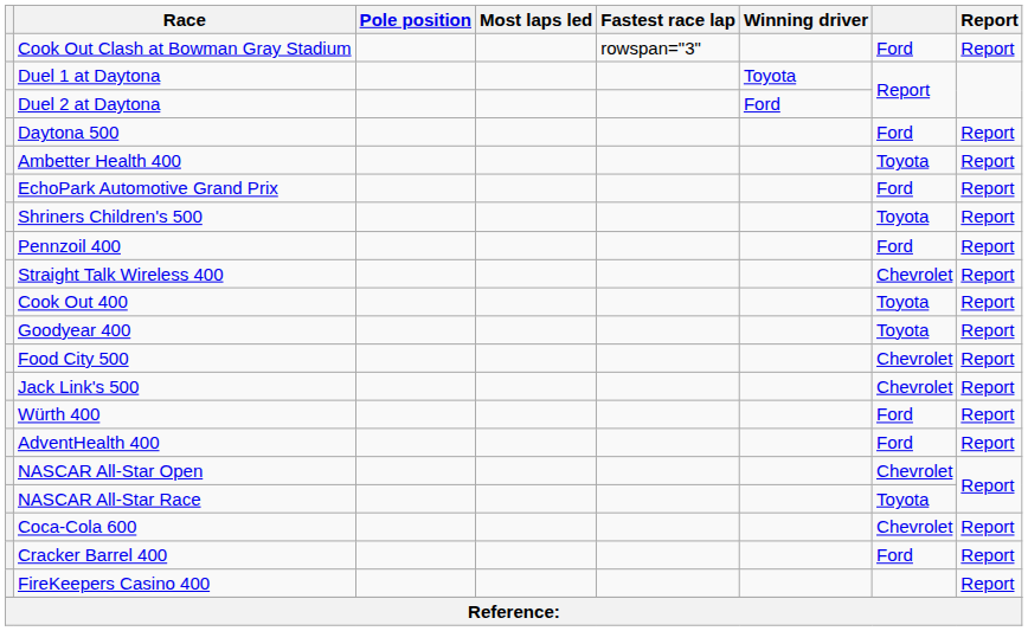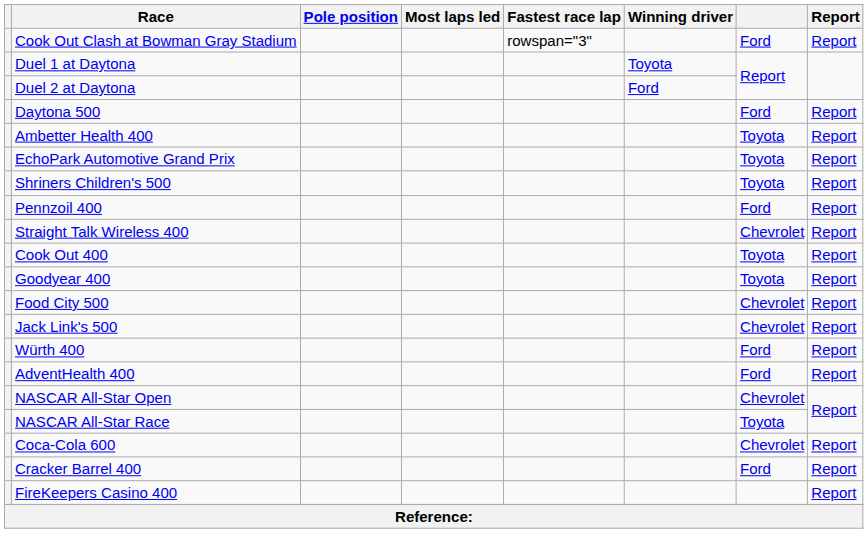 <table class="wikitable sortable" style="font-size:95%">
 <tr>
 <th></th>
 <th>Race</th>
 <th><a href='#'>Pole position</a></th>
 <th>Most laps led</th>
 <th>Fastest race lap</th>
 <th>Winning driver</th>
 <th></th>
 <th class="unsortable">Report</th>
 </tr>
 <tr>
 <th></th>
 <td><a href='#'>Cook Out Clash at Bowman Gray Stadium</a></td>
 <td></td>
 <td></td>
 <td>rowspan="3" </td>
 <td></td>
 <td><a href='#'>Ford</a></td>
 <td><a href='#'>Report</a></td>
 </tr>
 <tr>
 <th></th>
 <td><a href='#'>Duel 1 at Daytona</a></td>
 <td></td>
 <td></td>
 <td></td>
 <td><a href='#'>Toyota</a></td>
 <td rowspan="2"><a href='#'>Report</a></td>
 </tr>
 <tr>
 <th></th>
 <td><a href='#'>Duel 2 at Daytona</a></td>
 <td></td>
 <td></td>
 <td></td>
 <td><a href='#'>Ford</a></td>
 </tr>
 <tr>
 <th></th>
 <td><a href='#'>Daytona 500</a></td>
 <td></td>
 <td></td>
 <td></td>
 <td></td>
 <td><a href='#'>Ford</a></td>
 <td><a href='#'>Report</a></td>
 </tr>
 <tr>
 <th></th>
 <td><a href='#'>Ambetter Health 400</a></td>
 <td></td>
 <td></td>
 <td></td>
 <td></td>
 <td><a href='#'>Toyota</a></td>
 <td><a href='#'>Report</a></td>
 </tr>
 <tr>
 <th></th>
 <td><a href='#'>EchoPark Automotive Grand Prix</a></td>
 <td></td>
 <td></td>
 <td></td>
 <td></td>
-<td><a href='#'>Ford</a></td>
+<td><a href='#'>Toyota</a></td>
 <td><a href='#'>Report</a></td>
 </tr>
 <tr>
 <th></th>
 <td><a href='#'>Shriners Children's 500</a></td>
 <td></td>
 <td></td>
 <td></td>
 <td></td>
 <td><a href='#'>Toyota</a></td>
 <td><a href='#'>Report</a></td>
 </tr>
 <tr>
 <th></th>
 <td><a href='#'>Pennzoil 400</a></td>
 <td></td>
 <td></td>
 <td></td>
 <td></td>
 <td><a href='#'>Ford</a></td>
 <td><a href='#'>Report</a></td>
 </tr>
 <tr>
 <th></th>
 <td><a href='#'>Straight Talk Wireless 400</a></td>
 <td></td>
 <td></td>
 <td></td>
 <td></td>
 <td><a href='#'>Chevrolet</a></td>
 <td><a href='#'>Report</a></td>
 </tr>
 <tr>
 <th></th>
 <td><a href='#'>Cook Out 400</a></td>
 <td></td>
 <td></td>
 <td></td>
 <td></td>
 <td><a href='#'>Toyota</a></td>
 <td><a href='#'>Report</a></td>
 </tr>
 <tr>
 <th></th>
 <td><a href='#'>Goodyear 400</a></td>
 <td></td>
 <td></td>
 <td></td>
 <td></td>
 <td><a href='#'>Toyota</a></td>
 <td><a href='#'>Report</a></td>
 </tr>
 <tr>
 <th></th>
 <td><a href='#'>Food City 500</a></td>
 <td></td>
 <td></td>
 <td></td>
 <td></td>
 <td><a href='#'>Chevrolet</a></td>
 <td><a href='#'>Report</a></td>
 </tr>
 <tr>
 <th></th>
 <td><a href='#'>Jack Link's 500</a></td>
 <td></td>
 <td></td>
 <td></td>
 <td></td>
 <td><a href='#'>Chevrolet</a></td>
 <td><a href='#'>Report</a></td>
 </tr>
 <tr>
 <th></th>
 <td><a href='#'>Würth 400</a></td>
 <td></td>
 <td></td>
 <td></td>
 <td></td>
 <td><a href='#'>Ford</a></td>
 <td><a href='#'>Report</a></td>
 </tr>
 <tr>
 <th></th>
 <td><a href='#'>AdventHealth 400</a></td>
 <td></td>
 <td></td>
 <td></td>
 <td></td>
 <td><a href='#'>Ford</a></td>
 <td><a href='#'>Report</a></td>
 </tr>
 <tr>
 <th></th>
 <td><a href='#'>NASCAR All-Star Open</a></td>
 <td></td>
 <td></td>
 <td></td>
 <td></td>
 <td><a href='#'>Chevrolet</a></td>
 <td rowspan="2"><a href='#'>Report</a></td>
 </tr>
 <tr>
 <th></th>
 <td><a href='#'>NASCAR All-Star Race</a></td>
 <td></td>
 <td></td>
 <td></td>
 <td></td>
 <td><a href='#'>Toyota</a></td>
 </tr>
 <tr>
 <th></th>
 <td><a href='#'>Coca-Cola 600</a></td>
 <td></td>
 <td></td>
 <td></td>
 <td></td>
 <td><a href='#'>Chevrolet</a></td>
 <td><a href='#'>Report</a></td>
 </tr>
 <tr>
 <th></th>
 <td><a href='#'>Cracker Barrel 400</a></td>
 <td></td>
 <td></td>
 <td></td>
 <td></td>
 <td><a href='#'>Ford</a></td>
 <td><a href='#'>Report</a></td>
 </tr>
 <tr>
 <th></th>
 <td><a href='#'>FireKeepers Casino 400</a></td>
 <td></td>
 <td></td>
 <td></td>
 <td></td>
 <td></td>
 <td><a href='#'>Report</a></td>
 </tr>
 <tr>
 </tr>
 <tr>
 <th colspan="8">Reference:</th>
 </tr>
 </table>
